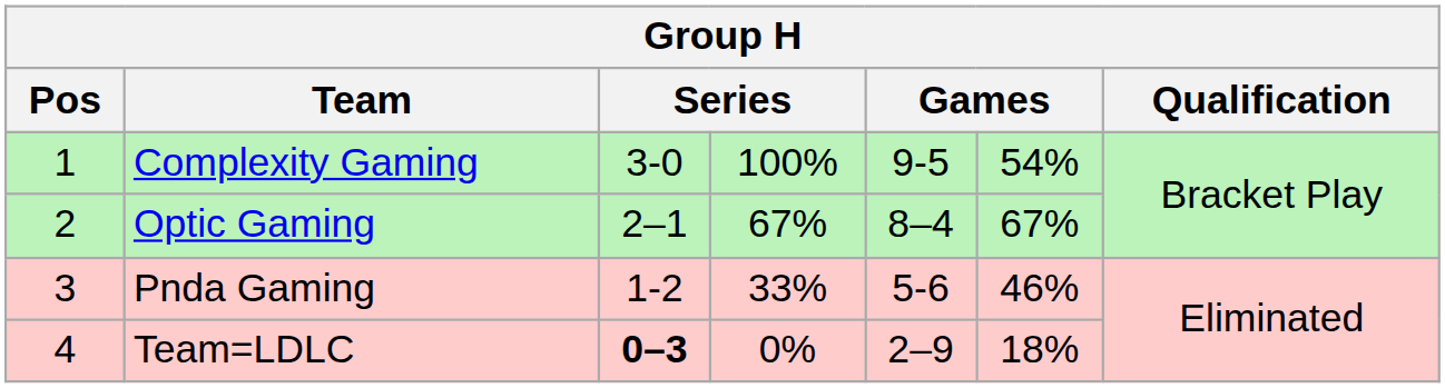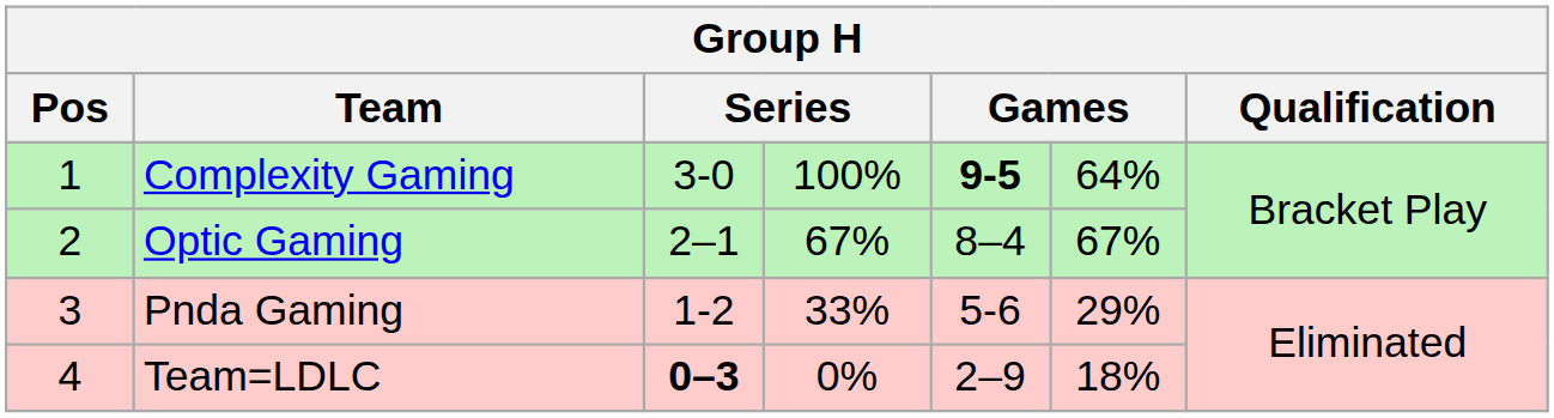 <table class="wikitable" style="display: inline-table; margin-left: 50px;width: 46%;">
 <tr>
 <th colspan="7">Group H</th>
 </tr>
 <tr>
 <th>Pos</th>
 <th>Team</th>
 <th colspan="2">Series</th>
 <th colspan="2">Games</th>
 <th>Qualification</th>
 </tr>
 <tr>
 <td style="text-align:center; background:#BBF3BB;">1</td>
 <td style="text-align:left; background:#BBF3BB;"><a href='#'>Complexity Gaming</a></td>
 <td style="text-align:center; background:#BBF3BB;">3-0</td>
 <td style="text-align:center; background:#BBF3BB;">100%</td>
-<td style="text-align:center; background:#BBF3BB;">9-5</td>
-<td style="text-align:center; background:#BBF3BB;">54%</td>
+<td style="text-align:center; background:#BBF3BB;"><strong>9-5</strong></td>
+<td style="text-align:center; background:#BBF3BB;">64%</td>
 <td style="text-align:center; background:#BBF3BB;" rowspan="2">Bracket Play</td>
 </tr>
 <tr>
 <td style="text-align:center; background:#BBF3BB;">2</td>
 <td style="text-align:left; background:#BBF3BB;"><a href='#'>Optic Gaming</a></td>
 <td style="text-align:center; background:#BBF3BB;">2–1</td>
 <td style="text-align:center; background:#BBF3BB;">67%</td>
 <td style="text-align:center; background:#BBF3BB;">8–4</td>
 <td style="text-align:center; background:#BBF3BB;">67%</td>
 </tr>
 <tr>
 <td style="text-align:center; background:#FFCCCC;">3</td>
 <td style="text-align:left; background:#FFCCCC;">Pnda Gaming</td>
 <td style="text-align:center; background:#FFCCCC;">1-2</td>
 <td style="text-align:center; background:#FFCCCC;">33%</td>
 <td style="text-align:center; background:#FFCCCC;">5-6</td>
-<td style="text-align:center; background:#FFCCCC;">46%</td>
+<td style="text-align:center; background:#FFCCCC;">29%</td>
 <td style="text-align:center; background:#FFCCCC;" rowspan="2">Eliminated</td>
 </tr>
 <tr>
 <td style="text-align:center; background:#FFCCCC;">4</td>
 <td style="text-align:left; background:#FFCCCC;">Team=LDLC</td>
 <td style="text-align:center; background:#FFCCCC;"><strong>0–3</strong></td>
 <td style="text-align:center; background:#FFCCCC;">0%</td>
 <td style="text-align:center; background:#FFCCCC;">2–9</td>
 <td style="text-align:center; background:#FFCCCC;">18%</td>
 </tr>
 </table>
